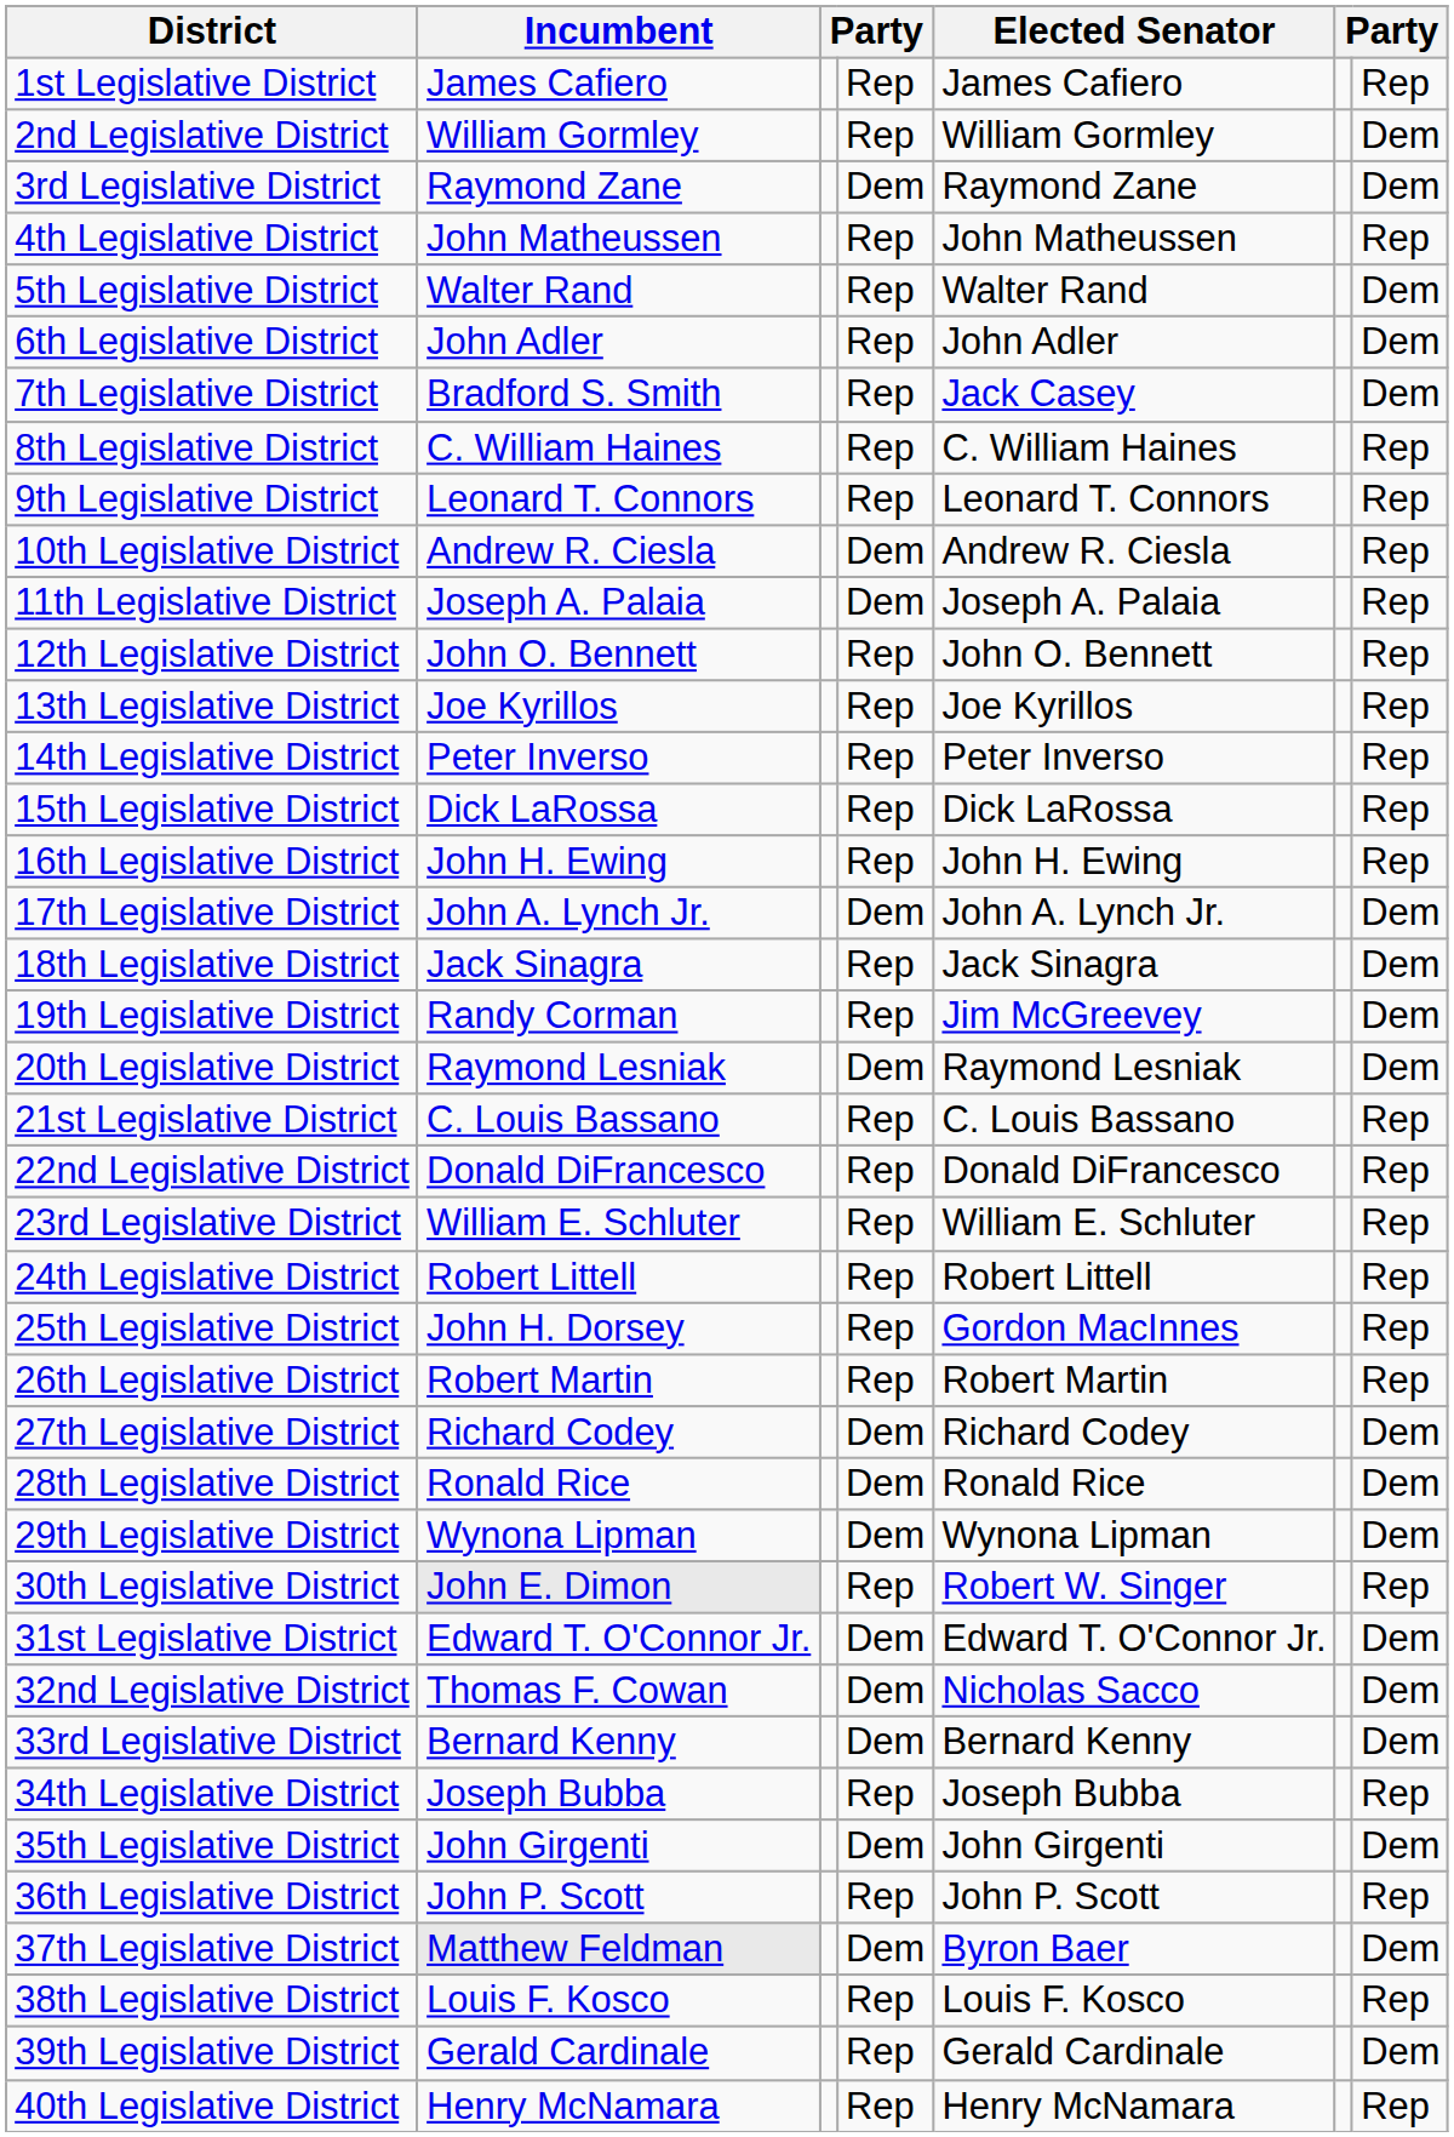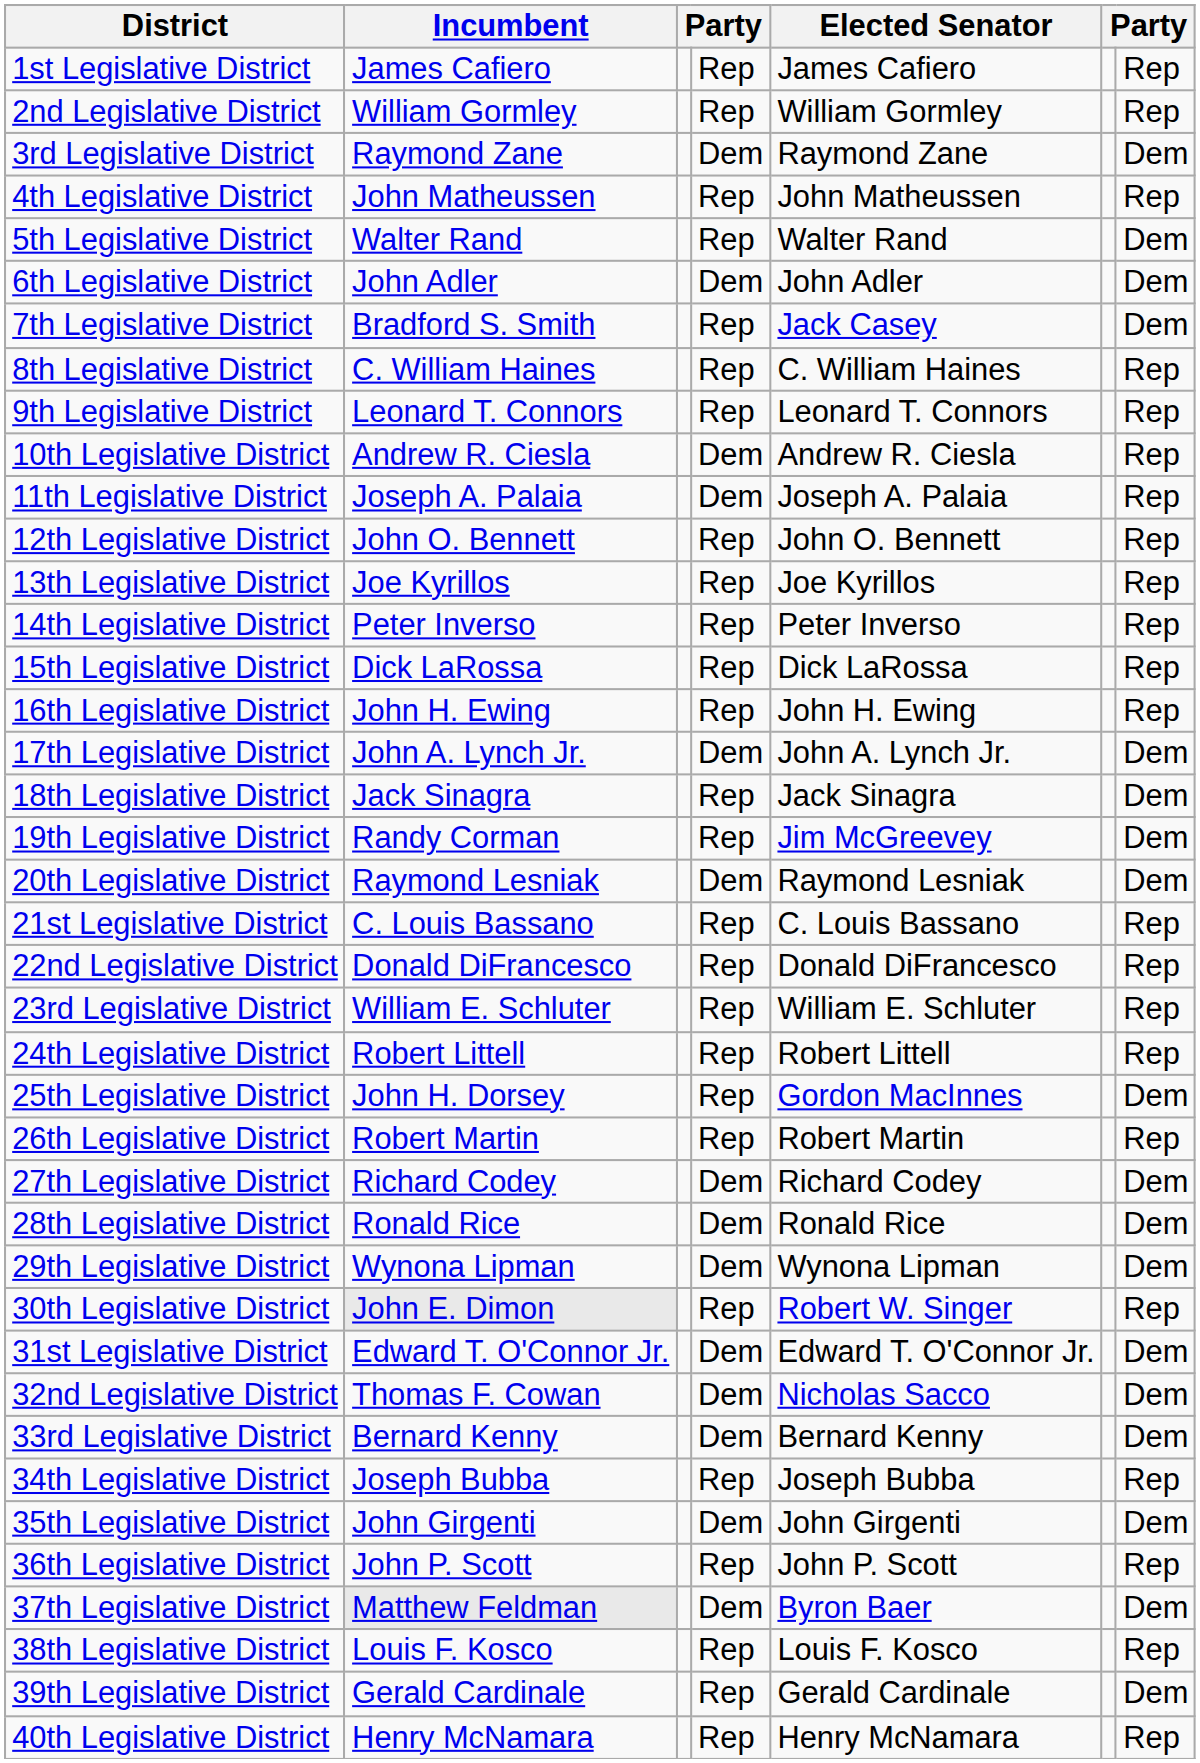 <table class="sortable wikitable" style="font-size:95%;line-height:14px;">
 <tr>
 <th>District</th>
 <th class="unsortable"><a href='#'>Incumbent</a></th>
 <th colspan="2">Party</th>
 <th class="unsortable">Elected Senator</th>
 <th colspan="2">Party</th>
 </tr>
 <tr>
 <td><a href='#'>1st Legislative District</a></td>
 <td><a href='#'>James Cafiero</a></td>
 <td style="background:"></td>
 <td>Rep</td>
 <td>James Cafiero</td>
 <td style="background:"></td>
 <td>Rep</td>
 </tr>
 <tr>
 <td><a href='#'>2nd Legislative District</a></td>
 <td><a href='#'>William Gormley</a></td>
 <td style="background:"></td>
 <td>Rep</td>
 <td>William Gormley</td>
 <td style="background:"></td>
-<td>Dem</td>
+<td>Rep</td>
 </tr>
 <tr>
 <td><a href='#'>3rd Legislative District</a></td>
 <td><a href='#'>Raymond Zane</a></td>
 <td style="background:"></td>
 <td>Dem</td>
 <td>Raymond Zane</td>
 <td style="background:"></td>
 <td>Dem</td>
 </tr>
 <tr>
 <td><a href='#'>4th Legislative District</a></td>
 <td><a href='#'>John Matheussen</a></td>
 <td style="background:"></td>
 <td>Rep</td>
 <td>John Matheussen</td>
 <td style="background:"></td>
 <td>Rep</td>
 </tr>
 <tr>
 <td><a href='#'>5th Legislative District</a></td>
 <td><a href='#'>Walter Rand</a></td>
 <td style="background:"></td>
 <td>Rep</td>
 <td>Walter Rand</td>
 <td style="background:"></td>
 <td>Dem</td>
 </tr>
 <tr>
 <td><a href='#'>6th Legislative District</a></td>
 <td><a href='#'>John Adler</a></td>
 <td style="background:"></td>
-<td>Rep</td>
+<td>Dem</td>
 <td>John Adler</td>
 <td style="background:"></td>
 <td>Dem</td>
 </tr>
 <tr>
 <td><a href='#'>7th Legislative District</a></td>
 <td><a href='#'>Bradford S. Smith</a></td>
 <td style="background:"></td>
 <td>Rep</td>
 <td><a href='#'>Jack Casey</a></td>
 <td style="background:"></td>
 <td>Dem</td>
 </tr>
 <tr>
 <td><a href='#'>8th Legislative District</a></td>
 <td><a href='#'>C. William Haines</a></td>
 <td style="background:"></td>
 <td>Rep</td>
 <td>C. William Haines</td>
 <td style="background:"></td>
 <td>Rep</td>
 </tr>
 <tr>
 <td><a href='#'>9th Legislative District</a></td>
 <td><a href='#'>Leonard T. Connors</a></td>
 <td style="background:"></td>
 <td>Rep</td>
 <td>Leonard T. Connors</td>
 <td style="background:"></td>
 <td>Rep</td>
 </tr>
 <tr>
 <td><a href='#'>10th Legislative District</a></td>
 <td><a href='#'>Andrew R. Ciesla</a></td>
 <td style="background:"></td>
 <td>Dem</td>
 <td>Andrew R. Ciesla</td>
 <td style="background:"></td>
 <td>Rep</td>
 </tr>
 <tr>
 <td><a href='#'>11th Legislative District</a></td>
 <td><a href='#'>Joseph A. Palaia</a></td>
 <td style="background:"></td>
 <td>Dem</td>
 <td>Joseph A. Palaia</td>
 <td style="background:"></td>
 <td>Rep</td>
 </tr>
 <tr>
 <td><a href='#'>12th Legislative District</a></td>
 <td><a href='#'>John O. Bennett</a></td>
 <td style="background:"></td>
 <td>Rep</td>
 <td>John O. Bennett</td>
 <td style="background:"></td>
 <td>Rep</td>
 </tr>
 <tr>
 <td><a href='#'>13th Legislative District</a></td>
 <td><a href='#'>Joe Kyrillos</a></td>
 <td style="background:"></td>
 <td>Rep</td>
 <td>Joe Kyrillos</td>
 <td style="background:"></td>
 <td>Rep</td>
 </tr>
 <tr>
 <td><a href='#'>14th Legislative District</a></td>
 <td><a href='#'>Peter Inverso</a></td>
 <td style="background:"></td>
 <td>Rep</td>
 <td>Peter Inverso</td>
 <td style="background:"></td>
 <td>Rep</td>
 </tr>
 <tr>
 <td><a href='#'>15th Legislative District</a></td>
 <td><a href='#'>Dick LaRossa</a></td>
 <td style="background:"></td>
 <td>Rep</td>
 <td>Dick LaRossa</td>
 <td style="background:"></td>
 <td>Rep</td>
 </tr>
 <tr>
 <td><a href='#'>16th Legislative District</a></td>
 <td><a href='#'>John H. Ewing</a></td>
 <td style="background:"></td>
 <td>Rep</td>
 <td>John H. Ewing</td>
 <td style="background:"></td>
 <td>Rep</td>
 </tr>
 <tr>
 <td><a href='#'>17th Legislative District</a></td>
 <td><a href='#'>John A. Lynch Jr.</a></td>
 <td style="background:"></td>
 <td>Dem</td>
 <td>John A. Lynch Jr.</td>
 <td style="background:"></td>
 <td>Dem</td>
 </tr>
 <tr>
 <td><a href='#'>18th Legislative District</a></td>
 <td><a href='#'>Jack Sinagra</a></td>
 <td style="background:"></td>
 <td>Rep</td>
 <td>Jack Sinagra</td>
 <td style="background:"></td>
 <td>Dem</td>
 </tr>
 <tr>
 <td><a href='#'>19th Legislative District</a></td>
 <td><a href='#'>Randy Corman</a></td>
 <td style="background:"></td>
 <td>Rep</td>
 <td><a href='#'>Jim McGreevey</a></td>
 <td style="background:"></td>
 <td>Dem</td>
 </tr>
 <tr>
 <td><a href='#'>20th Legislative District</a></td>
 <td><a href='#'>Raymond Lesniak</a></td>
 <td style="background:"></td>
 <td>Dem</td>
 <td>Raymond Lesniak</td>
 <td style="background:"></td>
 <td>Dem</td>
 </tr>
 <tr>
 <td><a href='#'>21st Legislative District</a></td>
 <td><a href='#'>C. Louis Bassano</a></td>
 <td style="background:"></td>
 <td>Rep</td>
 <td>C. Louis Bassano</td>
 <td style="background:"></td>
 <td>Rep</td>
 </tr>
 <tr>
 <td><a href='#'>22nd Legislative District</a></td>
 <td><a href='#'>Donald DiFrancesco</a></td>
 <td style="background:"></td>
 <td>Rep</td>
 <td>Donald DiFrancesco</td>
 <td style="background:"></td>
 <td>Rep</td>
 </tr>
 <tr>
 <td><a href='#'>23rd Legislative District</a></td>
 <td><a href='#'>William E. Schluter</a></td>
 <td style="background:"></td>
 <td>Rep</td>
 <td>William E. Schluter</td>
 <td style="background:"></td>
 <td>Rep</td>
 </tr>
 <tr>
 <td><a href='#'>24th Legislative District</a></td>
 <td><a href='#'>Robert Littell</a></td>
 <td style="background:"></td>
 <td>Rep</td>
 <td>Robert Littell</td>
 <td style="background:"></td>
 <td>Rep</td>
 </tr>
 <tr>
 <td><a href='#'>25th Legislative District</a></td>
 <td><a href='#'>John H. Dorsey</a></td>
 <td style="background:"></td>
 <td>Rep</td>
 <td><a href='#'>Gordon MacInnes</a></td>
 <td style="background:"></td>
-<td>Rep</td>
+<td>Dem</td>
 </tr>
 <tr>
 <td><a href='#'>26th Legislative District</a></td>
 <td><a href='#'>Robert Martin</a></td>
 <td style="background:"></td>
 <td>Rep</td>
 <td>Robert Martin</td>
 <td style="background:"></td>
 <td>Rep</td>
 </tr>
 <tr>
 <td><a href='#'>27th Legislative District</a></td>
 <td><a href='#'>Richard Codey</a></td>
 <td style="background:"></td>
 <td>Dem</td>
 <td>Richard Codey</td>
 <td style="background:"></td>
 <td>Dem</td>
 </tr>
 <tr>
 <td><a href='#'>28th Legislative District</a></td>
 <td><a href='#'>Ronald Rice</a></td>
 <td style="background:"></td>
 <td>Dem</td>
 <td>Ronald Rice</td>
 <td style="background:"></td>
 <td>Dem</td>
 </tr>
 <tr>
 <td><a href='#'>29th Legislative District</a></td>
 <td><a href='#'>Wynona Lipman</a></td>
 <td style="background:"></td>
 <td>Dem</td>
 <td>Wynona Lipman</td>
 <td style="background:"></td>
 <td>Dem</td>
 </tr>
 <tr>
 <td><a href='#'>30th Legislative District</a></td>
 <td style="background:#E9E9E9;"><a href='#'>John E. Dimon</a></td>
 <td style="background:"></td>
 <td>Rep</td>
 <td><a href='#'>Robert W. Singer</a></td>
 <td style="background:"></td>
 <td>Rep</td>
 </tr>
 <tr>
 <td><a href='#'>31st Legislative District</a></td>
 <td><a href='#'>Edward T. O'Connor Jr.</a></td>
 <td style="background:"></td>
 <td>Dem</td>
 <td>Edward T. O'Connor Jr.</td>
 <td style="background:"></td>
 <td>Dem</td>
 </tr>
 <tr>
 <td><a href='#'>32nd Legislative District</a></td>
 <td><a href='#'>Thomas F. Cowan</a></td>
 <td style="background:"></td>
 <td>Dem</td>
 <td><a href='#'>Nicholas Sacco</a></td>
 <td style="background:"></td>
 <td>Dem</td>
 </tr>
 <tr>
 <td><a href='#'>33rd Legislative District</a></td>
 <td><a href='#'>Bernard Kenny</a></td>
 <td style="background:"></td>
 <td>Dem</td>
 <td>Bernard Kenny</td>
 <td style="background:"></td>
 <td>Dem</td>
 </tr>
 <tr>
 <td><a href='#'>34th Legislative District</a></td>
 <td><a href='#'>Joseph Bubba</a></td>
 <td style="background:"></td>
 <td>Rep</td>
 <td>Joseph Bubba</td>
 <td style="background:"></td>
 <td>Rep</td>
 </tr>
 <tr>
 <td><a href='#'>35th Legislative District</a></td>
 <td><a href='#'>John Girgenti</a></td>
 <td style="background:"></td>
 <td>Dem</td>
 <td>John Girgenti</td>
 <td style="background:"></td>
 <td>Dem</td>
 </tr>
 <tr>
 <td><a href='#'>36th Legislative District</a></td>
 <td><a href='#'>John P. Scott</a></td>
 <td style="background:"></td>
 <td>Rep</td>
 <td>John P. Scott</td>
 <td style="background:"></td>
 <td>Rep</td>
 </tr>
 <tr>
 <td><a href='#'>37th Legislative District</a></td>
 <td style="background:#E9E9E9;"><a href='#'>Matthew Feldman</a></td>
 <td style="background:"></td>
 <td>Dem</td>
 <td><a href='#'>Byron Baer</a></td>
 <td style="background:"></td>
 <td>Dem</td>
 </tr>
 <tr>
 <td><a href='#'>38th Legislative District</a></td>
 <td><a href='#'>Louis F. Kosco</a></td>
 <td style="background:"></td>
 <td>Rep</td>
 <td>Louis F. Kosco</td>
 <td style="background:"></td>
 <td>Rep</td>
 </tr>
 <tr>
 <td><a href='#'>39th Legislative District</a></td>
 <td><a href='#'>Gerald Cardinale</a></td>
 <td style="background:"></td>
 <td>Rep</td>
 <td>Gerald Cardinale</td>
 <td style="background:"></td>
 <td>Dem</td>
 </tr>
 <tr>
 <td><a href='#'>40th Legislative District</a></td>
 <td><a href='#'>Henry McNamara</a></td>
 <td style="background:"></td>
 <td>Rep</td>
 <td>Henry McNamara</td>
 <td style="background:"></td>
 <td>Rep</td>
 </tr>
 </table>
